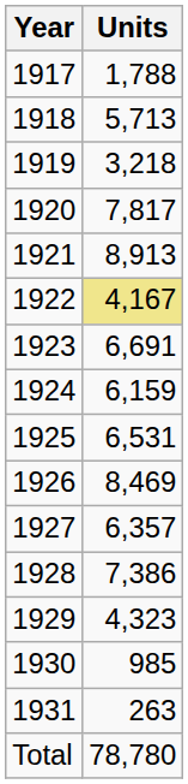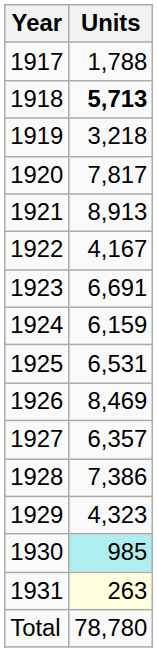 <table class="wikitable sortable">
 <tr>
 <th>Year</th>
 <th>Units</th>
 </tr>
 <tr>
 <td>1917</td>
 <td align="right">1,788</td>
 </tr>
 <tr>
 <td>1918</td>
-<td align="right">5,713</td>
+<td align="right"><strong>5,713</strong></td>
 </tr>
 <tr>
 <td>1919</td>
 <td align="right">3,218</td>
 </tr>
 <tr>
 <td>1920</td>
 <td align="right">7,817</td>
 </tr>
 <tr>
 <td>1921</td>
 <td align="right">8,913</td>
 </tr>
 <tr>
 <td>1922</td>
-<td align="right" style="background: khaki;">4,167</td>
+<td align="right">4,167</td>
 </tr>
 <tr>
 <td>1923</td>
 <td align="right">6,691</td>
 </tr>
 <tr>
 <td>1924</td>
 <td align="right">6,159</td>
 </tr>
 <tr>
 <td>1925</td>
 <td align="right">6,531</td>
 </tr>
 <tr>
 <td>1926</td>
 <td align="right">8,469</td>
 </tr>
 <tr>
 <td>1927</td>
 <td align="right">6,357</td>
 </tr>
 <tr>
 <td>1928</td>
 <td align="right">7,386</td>
 </tr>
 <tr>
 <td>1929</td>
 <td align="right">4,323</td>
 </tr>
 <tr>
 <td>1930</td>
-<td align="right">985</td>
+<td align="right" style="background: paleturquoise;">985</td>
 </tr>
 <tr>
 <td>1931</td>
-<td align="right">263</td>
+<td align="right" style="background: lightyellow;">263</td>
 </tr>
 <tr>
 <td>Total</td>
 <td align="right">78,780</td>
 </tr>
 </table>
